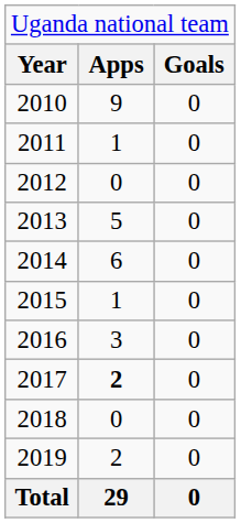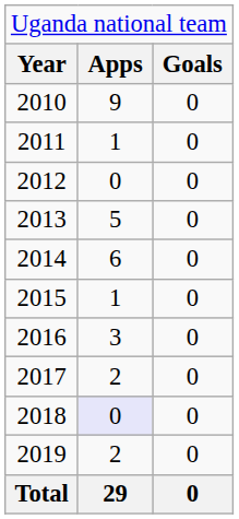 <table class="wikitable" style="text-align:center">
 <tr>
 <td colspan="3"><a href='#'>Uganda national team</a></td>
 </tr>
 <tr>
 <th>Year</th>
 <th>Apps</th>
 <th>Goals</th>
 </tr>
 <tr>
 <td>2010</td>
 <td>9</td>
 <td>0</td>
 </tr>
 <tr>
 <td>2011</td>
 <td>1</td>
 <td>0</td>
 </tr>
 <tr>
 <td>2012</td>
 <td>0</td>
 <td>0</td>
 </tr>
 <tr>
 <td>2013</td>
 <td>5</td>
 <td>0</td>
 </tr>
 <tr>
 <td>2014</td>
 <td>6</td>
 <td>0</td>
 </tr>
 <tr>
 <td>2015</td>
 <td>1</td>
 <td>0</td>
 </tr>
 <tr>
 <td>2016</td>
 <td>3</td>
 <td>0</td>
 </tr>
 <tr>
 <td>2017</td>
-<td><strong>2</strong></td>
+<td>2</td>
 <td>0</td>
 </tr>
 <tr>
 <td>2018</td>
-<td>0</td>
+<td style="background: lavender;">0</td>
 <td>0</td>
 </tr>
 <tr>
 <td>2019</td>
 <td>2</td>
 <td>0</td>
 </tr>
 <tr>
 <th>Total</th>
 <th>29</th>
 <th>0</th>
 </tr>
 </table>
